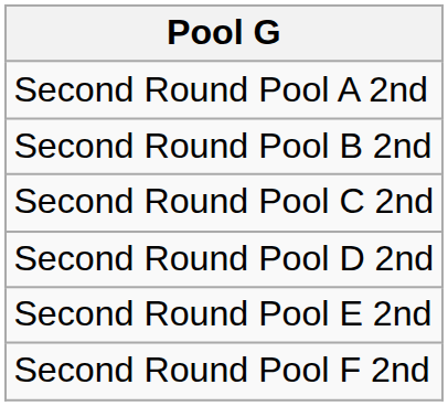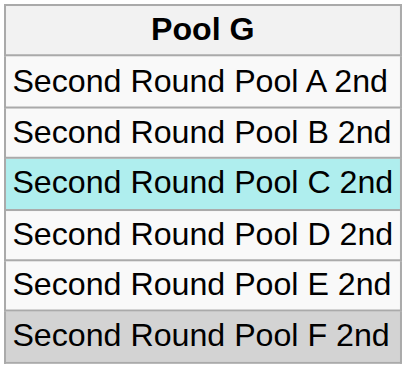 <table class="wikitable">
 <tr>
 <th>Pool G</th>
 </tr>
 <tr>
 <td>Second Round Pool A 2nd</td>
 </tr>
 <tr>
 <td>Second Round Pool B 2nd</td>
 </tr>
 <tr>
-<td>Second Round Pool C 2nd</td>
+<td style="background: paleturquoise;">Second Round Pool C 2nd</td>
 </tr>
 <tr>
 <td>Second Round Pool D 2nd</td>
 </tr>
 <tr>
 <td>Second Round Pool E 2nd</td>
 </tr>
 <tr>
-<td>Second Round Pool F 2nd</td>
+<td style="background: lightgrey;">Second Round Pool F 2nd</td>
 </tr>
 </table>
